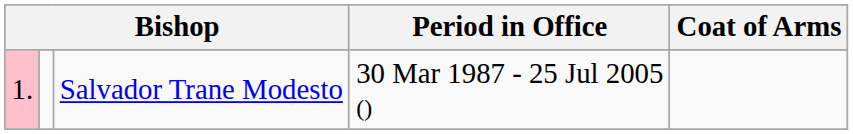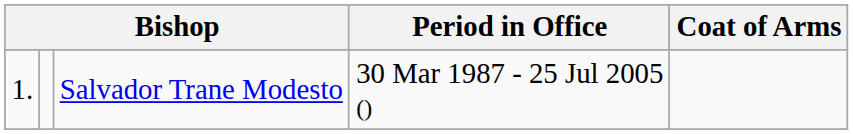 <table class="wikitable">
 <tr>
 <th colspan=3>Bishop</th>
 <th>Period in Office</th>
 <th>Coat of Arms</th>
 </tr>
 <tr>
-<td style="background: pink;">1.</td>
+<td>1.</td>
 <td></td>
 <td><a href='#'>Salvador Trane Modesto</a></td>
 <td>30 Mar 1987 - 25 Jul 2005 <br><small>()</small></td>
 <td></td>
 </tr>
 </table>
